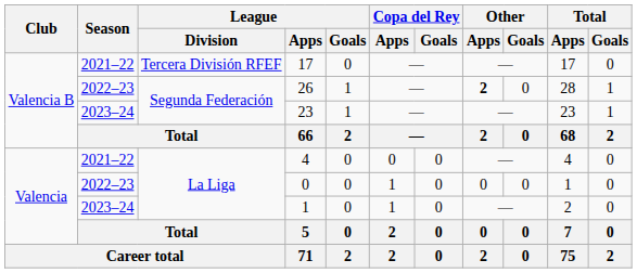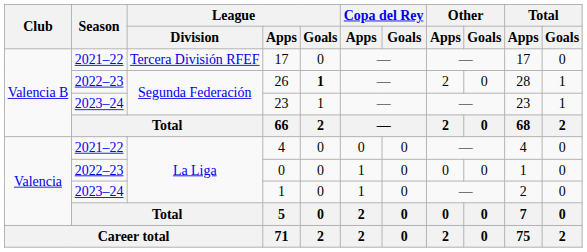 <table class=wikitable style=text-align:center>
 <tr>
 <th rowspan="2">Club</th>
 <th rowspan="2">Season</th>
 <th colspan="3">League</th>
 <th colspan="2"><a href='#'>Copa del Rey</a></th>
 <th colspan="2">Other</th>
 <th colspan="2">Total</th>
 </tr>
 <tr>
 <th>Division</th>
 <th>Apps</th>
 <th>Goals</th>
 <th>Apps</th>
 <th>Goals</th>
 <th>Apps</th>
 <th>Goals</th>
 <th>Apps</th>
 <th>Goals</th>
 </tr>
 <tr>
 <td rowspan="4"><a href='#'>Valencia B</a></td>
 <td><a href='#'>2021–22</a></td>
 <td><a href='#'>Tercera División RFEF</a></td>
 <td>17</td>
 <td>0</td>
 <td colspan="2">—</td>
 <td colspan="2">—</td>
 <td>17</td>
 <td>0</td>
 </tr>
 <tr>
 <td><a href='#'>2022–23</a></td>
 <td rowspan="2"><a href='#'>Segunda Federación</a></td>
 <td>26</td>
-<td>1</td>
+<td><strong>1</strong></td>
 <td colspan="2">—</td>
-<td><strong>2</strong></td>
+<td>2</td>
 <td>0</td>
 <td>28</td>
 <td>1</td>
 </tr>
 <tr>
 <td><a href='#'>2023–24</a></td>
 <td>23</td>
 <td>1</td>
 <td colspan="2">—</td>
 <td colspan="2">—</td>
 <td>23</td>
 <td>1</td>
 </tr>
 <tr>
 <th colspan="2">Total</th>
 <th>66</th>
 <th>2</th>
 <th colspan="2">—</th>
 <th>2</th>
 <th>0</th>
 <th>68</th>
 <th>2</th>
 </tr>
 <tr>
 <td rowspan="4"><a href='#'>Valencia</a></td>
 <td><a href='#'>2021–22</a></td>
 <td rowspan="3"><a href='#'>La Liga</a></td>
 <td>4</td>
 <td>0</td>
 <td>0</td>
 <td>0</td>
 <td colspan="2">—</td>
 <td>4</td>
 <td>0</td>
 </tr>
 <tr>
 <td><a href='#'>2022–23</a></td>
 <td>0</td>
 <td>0</td>
 <td>1</td>
 <td>0</td>
 <td>0</td>
 <td>0</td>
 <td>1</td>
 <td>0</td>
 </tr>
 <tr>
 <td><a href='#'>2023–24</a></td>
 <td>1</td>
 <td>0</td>
 <td>1</td>
 <td>0</td>
 <td colspan="2">—</td>
 <td>2</td>
 <td>0</td>
 </tr>
 <tr>
 <th colspan="2">Total</th>
 <th>5</th>
 <th>0</th>
 <th>2</th>
 <th>0</th>
 <th>0</th>
 <th>0</th>
 <th>7</th>
 <th>0</th>
 </tr>
 <tr>
 <th colspan="3">Career total</th>
 <th>71</th>
 <th>2</th>
 <th>2</th>
 <th>0</th>
 <th>2</th>
 <th>0</th>
 <th>75</th>
 <th>2</th>
 </tr>
 </table>
